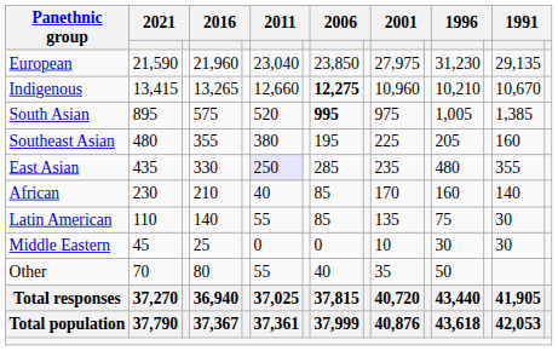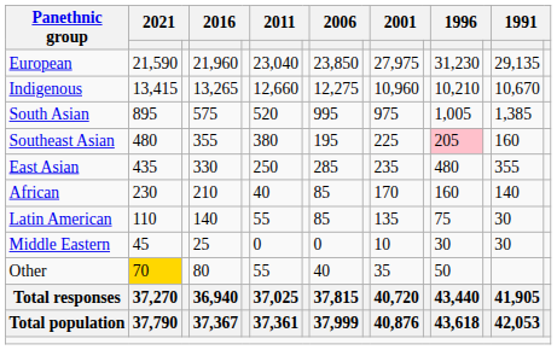 <table class="wikitable sortable">
 <tr>
 <th rowspan="2"><a href='#'>Panethnic</a><br>group</th>
 <th colspan="2">2021</th>
 <th colspan="2">2016</th>
 <th colspan="2">2011</th>
 <th colspan="2">2006</th>
 <th colspan="2">2001</th>
 <th colspan="2">1996</th>
 <th colspan="2">1991</th>
 </tr>
 <tr>
 <th><a href='#'></a></th>
 <th></th>
 <th></th>
 <th></th>
 <th></th>
 <th></th>
 <th></th>
 <th></th>
 <th></th>
 <th></th>
 <th></th>
 <th></th>
 <th></th>
 <th></th>
 </tr>
 <tr>
 <td><a href='#'>European</a></td>
 <td>21,590</td>
 <td></td>
 <td>21,960</td>
 <td></td>
 <td>23,040</td>
 <td></td>
 <td>23,850</td>
 <td></td>
 <td>27,975</td>
 <td></td>
 <td>31,230</td>
 <td></td>
 <td>29,135</td>
 <td></td>
 </tr>
 <tr>
 <td><a href='#'>Indigenous</a></td>
 <td>13,415</td>
 <td></td>
 <td>13,265</td>
 <td></td>
 <td>12,660</td>
 <td></td>
-<td><strong>12,275</strong></td>
+<td>12,275</td>
 <td></td>
 <td>10,960</td>
 <td></td>
 <td>10,210</td>
 <td></td>
 <td>10,670</td>
 <td></td>
 </tr>
 <tr>
 <td><a href='#'>South Asian</a></td>
 <td>895</td>
 <td></td>
 <td>575</td>
 <td></td>
 <td>520</td>
 <td></td>
-<td><strong>995</strong></td>
+<td>995</td>
 <td></td>
 <td>975</td>
 <td></td>
 <td>1,005</td>
 <td></td>
 <td>1,385</td>
 <td></td>
 </tr>
 <tr>
 <td><a href='#'>Southeast Asian</a></td>
 <td>480</td>
 <td></td>
 <td>355</td>
 <td></td>
 <td>380</td>
 <td></td>
 <td>195</td>
 <td></td>
 <td>225</td>
 <td></td>
-<td>205</td>
+<td style="background: pink;">205</td>
 <td></td>
 <td>160</td>
 <td></td>
 </tr>
 <tr>
 <td><a href='#'>East Asian</a></td>
 <td>435</td>
 <td></td>
 <td>330</td>
 <td></td>
-<td style="background: lavender;">250</td>
+<td>250</td>
 <td></td>
 <td>285</td>
 <td></td>
 <td>235</td>
 <td></td>
 <td>480</td>
 <td></td>
 <td>355</td>
 <td></td>
 </tr>
 <tr>
 <td><a href='#'>African</a></td>
 <td>230</td>
 <td></td>
 <td>210</td>
 <td></td>
 <td>40</td>
 <td></td>
 <td>85</td>
 <td></td>
 <td>170</td>
 <td></td>
 <td>160</td>
 <td></td>
 <td>140</td>
 <td></td>
 </tr>
 <tr>
 <td><a href='#'>Latin American</a></td>
 <td>110</td>
 <td></td>
 <td>140</td>
 <td></td>
 <td>55</td>
 <td></td>
 <td>85</td>
 <td></td>
 <td>135</td>
 <td></td>
 <td>75</td>
 <td></td>
 <td>30</td>
 <td></td>
 </tr>
 <tr>
 <td><a href='#'>Middle Eastern</a></td>
 <td>45</td>
 <td></td>
 <td>25</td>
 <td></td>
 <td>0</td>
 <td></td>
 <td>0</td>
 <td></td>
 <td>10</td>
 <td></td>
 <td>30</td>
 <td></td>
 <td>30</td>
 <td></td>
 </tr>
 <tr>
 <td>Other</td>
-<td>70</td>
+<td style="background: gold;">70</td>
 <td></td>
 <td>80</td>
 <td></td>
 <td>55</td>
 <td></td>
 <td>40</td>
 <td></td>
 <td>35</td>
 <td></td>
 <td>50</td>
 <td></td>
 <td></td>
 <td></td>
 </tr>
 <tr>
 <th>Total responses</th>
 <th>37,270</th>
 <th></th>
 <th>36,940</th>
 <th></th>
 <th>37,025</th>
 <th></th>
 <th>37,815</th>
 <th></th>
 <th>40,720</th>
 <th></th>
 <th>43,440</th>
 <th></th>
 <th>41,905</th>
 <th></th>
 </tr>
 <tr>
 <th>Total population</th>
 <th>37,790</th>
 <th></th>
 <th>37,367</th>
 <th></th>
 <th>37,361</th>
 <th></th>
 <th>37,999</th>
 <th></th>
 <th>40,876</th>
 <th></th>
 <th>43,618</th>
 <th></th>
 <th>42,053</th>
 <th></th>
 </tr>
 <tr class="sortbottom">
 <td colspan="15"></td>
 </tr>
 </table>
